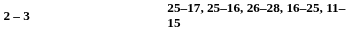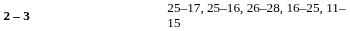 <table width=85% cellspacing=1>
 <tr>
 <th width=20%></th>
 <th width=12%></th>
 <th width=20%></th>
 <th width=33%></th>
 </tr>
 <tr style=font-size:90%>
 <td align=right></td>
 <td align=center><strong>2 – 3</strong></td>
 <td><strong></strong></td>
-<td><strong>25–17, 25–16, 26–28, 16–25, 11–15</strong></td>
+<td>25–17, 25–16, 26–28, 16–25, 11–15</td>
 </tr>
 </table>
